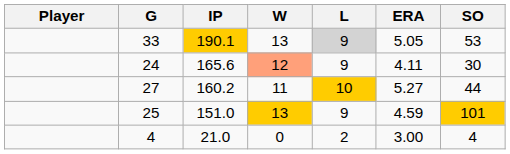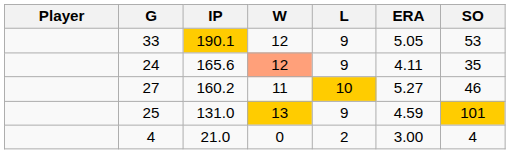 <table class="wikitable sortable">
 <tr>
 <th bgcolor="#DDDDFF" width="16%">Player</th>
 <th bgcolor="#DDDDFF" width="9%">G</th>
 <th bgcolor="#DDDDFF" width="9%">IP</th>
 <th bgcolor="#DDDDFF" width="9%">W</th>
 <th bgcolor="#DDDDFF" width="9%">L</th>
 <th bgcolor="#DDDDFF" width="9%">ERA</th>
 <th bgcolor="#DDDDFF" width="9%">SO</th>
 </tr>
 <tr align="center">
 <td></td>
 <td>33</td>
 <td style="background:#fc0;">190.1</td>
-<td>13</td>
-<td style="background: lightgrey;">9</td>
+<td>12</td>
+<td>9</td>
 <td>5.05</td>
 <td>53</td>
 </tr>
 <tr align="center">
 <td></td>
 <td>24</td>
 <td>165.6</td>
 <td style="background: lightsalmon;">12</td>
 <td>9</td>
 <td>4.11</td>
-<td>30</td>
+<td>35</td>
 </tr>
 <tr align="center">
 <td></td>
 <td>27</td>
 <td>160.2</td>
 <td>11</td>
 <td style="background:#fc0;">10</td>
 <td>5.27</td>
-<td>44</td>
+<td>46</td>
 </tr>
 <tr align="center">
 <td></td>
 <td>25</td>
-<td>151.0</td>
+<td>131.0</td>
 <td style="background:#fc0;">13</td>
 <td>9</td>
 <td>4.59</td>
 <td style="background:#fc0;">101</td>
 </tr>
 <tr align="center">
 <td></td>
 <td>4</td>
 <td>21.0</td>
 <td>0</td>
 <td>2</td>
 <td>3.00</td>
 <td>4</td>
 </tr>
 </table>
